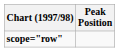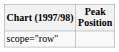 <table class="wikitable">
 <tr>
 <th align="left">Chart (1997/98)</th>
 <th align="left">Peak<br>Position</th>
 </tr>
 <tr>
-<td><strong>scope="row"</strong></td>
+<td>scope="row"</td>
 </tr>
 </table>
